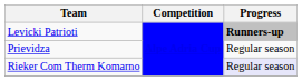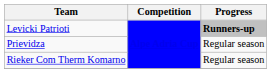 <table class="wikitable sortable">
 <tr>
 <th>Team</th>
 <th>Competition</th>
 <th>Progress</th>
 </tr>
 <tr>
 <td><a href='#'>Levicki Patrioti</a></td>
 <td rowspan="3" align="center" style="background:blue;"><a href='#'><span><strong>Alpe Adria Cup</strong></span></a></td>
 <td bgcolor=#C0C0C0><strong>Runners-up</strong></td>
 </tr>
 <tr>
 <td><a href='#'>Prievidza</a></td>
 <td>Regular season</td>
 </tr>
 <tr>
 <td><a href='#'>Rieker Com Therm Komarno</a></td>
-<td style="background: lavender;">Regular season</td>
+<td>Regular season</td>
 </tr>
 <tr>
 </tr>
 </table>
